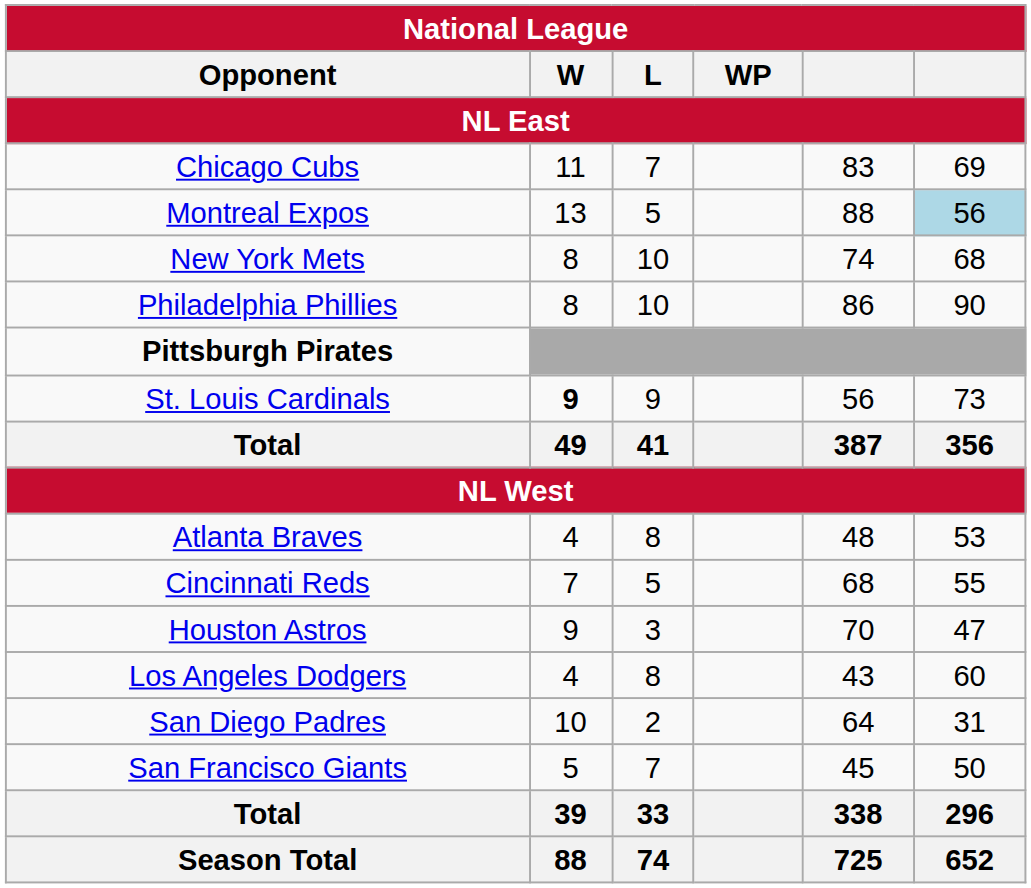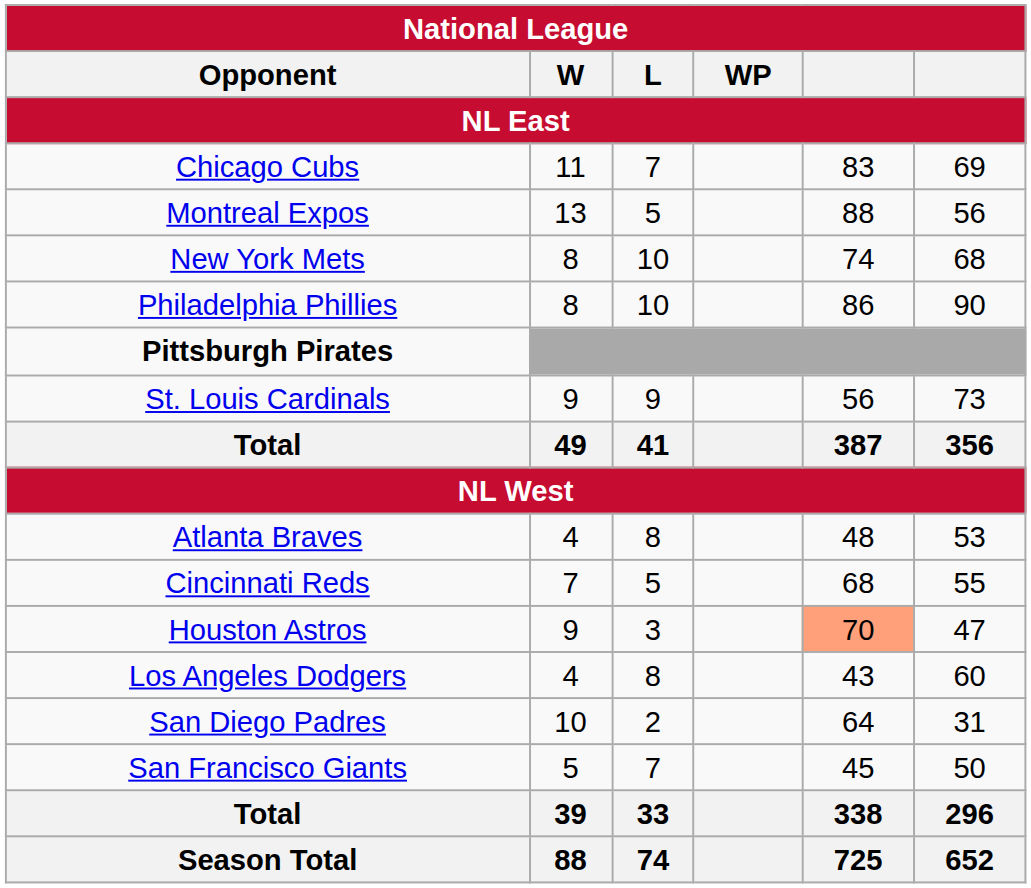 <table class="wikitable" style="font-size:95%; text-align:center; width:35em;margin: 0.5em auto;">
 <tr>
 <th colspan="7" style="background:#c60c30; color:#ffffff;">National League</th>
 </tr>
 <tr>
 <th>Opponent</th>
 <th>W</th>
 <th>L</th>
 <th>WP</th>
 <th></th>
 <th></th>
 </tr>
 <tr>
 <th colspan="7" style="background:#c60c30; color:#ffffff;">NL East</th>
 </tr>
 <tr>
 <td><a href='#'>Chicago Cubs</a></td>
 <td>11</td>
 <td>7</td>
 <td></td>
 <td>83</td>
 <td>69</td>
 </tr>
 <tr>
 <td><a href='#'>Montreal Expos</a></td>
 <td>13</td>
 <td>5</td>
 <td></td>
 <td>88</td>
-<td style="background: lightblue;">56</td>
+<td>56</td>
 </tr>
 <tr>
 <td><a href='#'>New York Mets</a></td>
 <td>8</td>
 <td>10</td>
 <td></td>
 <td>74</td>
 <td>68</td>
 </tr>
 <tr>
 <td><a href='#'>Philadelphia Phillies</a></td>
 <td>8</td>
 <td>10</td>
 <td></td>
 <td>86</td>
 <td>90</td>
 </tr>
 <tr>
 <td><strong>Pittsburgh Pirates</strong></td>
 <td colspan=5 style="background:darkgray;"></td>
 </tr>
 <tr>
 <td><a href='#'>St. Louis Cardinals</a></td>
-<td><strong>9</strong></td>
+<td>9</td>
 <td>9</td>
 <td></td>
 <td>56</td>
 <td>73</td>
 </tr>
 <tr>
 <th>Total</th>
 <th>49</th>
 <th>41</th>
 <th></th>
 <th>387</th>
 <th>356</th>
 </tr>
 <tr>
 <th colspan="7" style="background:#c60c30; color:#ffffff;">NL West</th>
 </tr>
 <tr>
 <td><a href='#'>Atlanta Braves</a></td>
 <td>4</td>
 <td>8</td>
 <td></td>
 <td>48</td>
 <td>53</td>
 </tr>
 <tr>
 <td><a href='#'>Cincinnati Reds</a></td>
 <td>7</td>
 <td>5</td>
 <td></td>
 <td>68</td>
 <td>55</td>
 </tr>
 <tr>
 <td><a href='#'>Houston Astros</a></td>
 <td>9</td>
 <td>3</td>
 <td></td>
-<td>70</td>
+<td style="background: lightsalmon;">70</td>
 <td>47</td>
 </tr>
 <tr>
 <td><a href='#'>Los Angeles Dodgers</a></td>
 <td>4</td>
 <td>8</td>
 <td></td>
 <td>43</td>
 <td>60</td>
 </tr>
 <tr>
 <td><a href='#'>San Diego Padres</a></td>
 <td>10</td>
 <td>2</td>
 <td></td>
 <td>64</td>
 <td>31</td>
 </tr>
 <tr>
 <td><a href='#'>San Francisco Giants</a></td>
 <td>5</td>
 <td>7</td>
 <td></td>
 <td>45</td>
 <td>50</td>
 </tr>
 <tr>
 <th>Total</th>
 <th>39</th>
 <th>33</th>
 <th></th>
 <th>338</th>
 <th>296</th>
 </tr>
 <tr>
 <th>Season Total</th>
 <th>88</th>
 <th>74</th>
 <th></th>
 <th>725</th>
 <th>652</th>
 </tr>
 </table>
